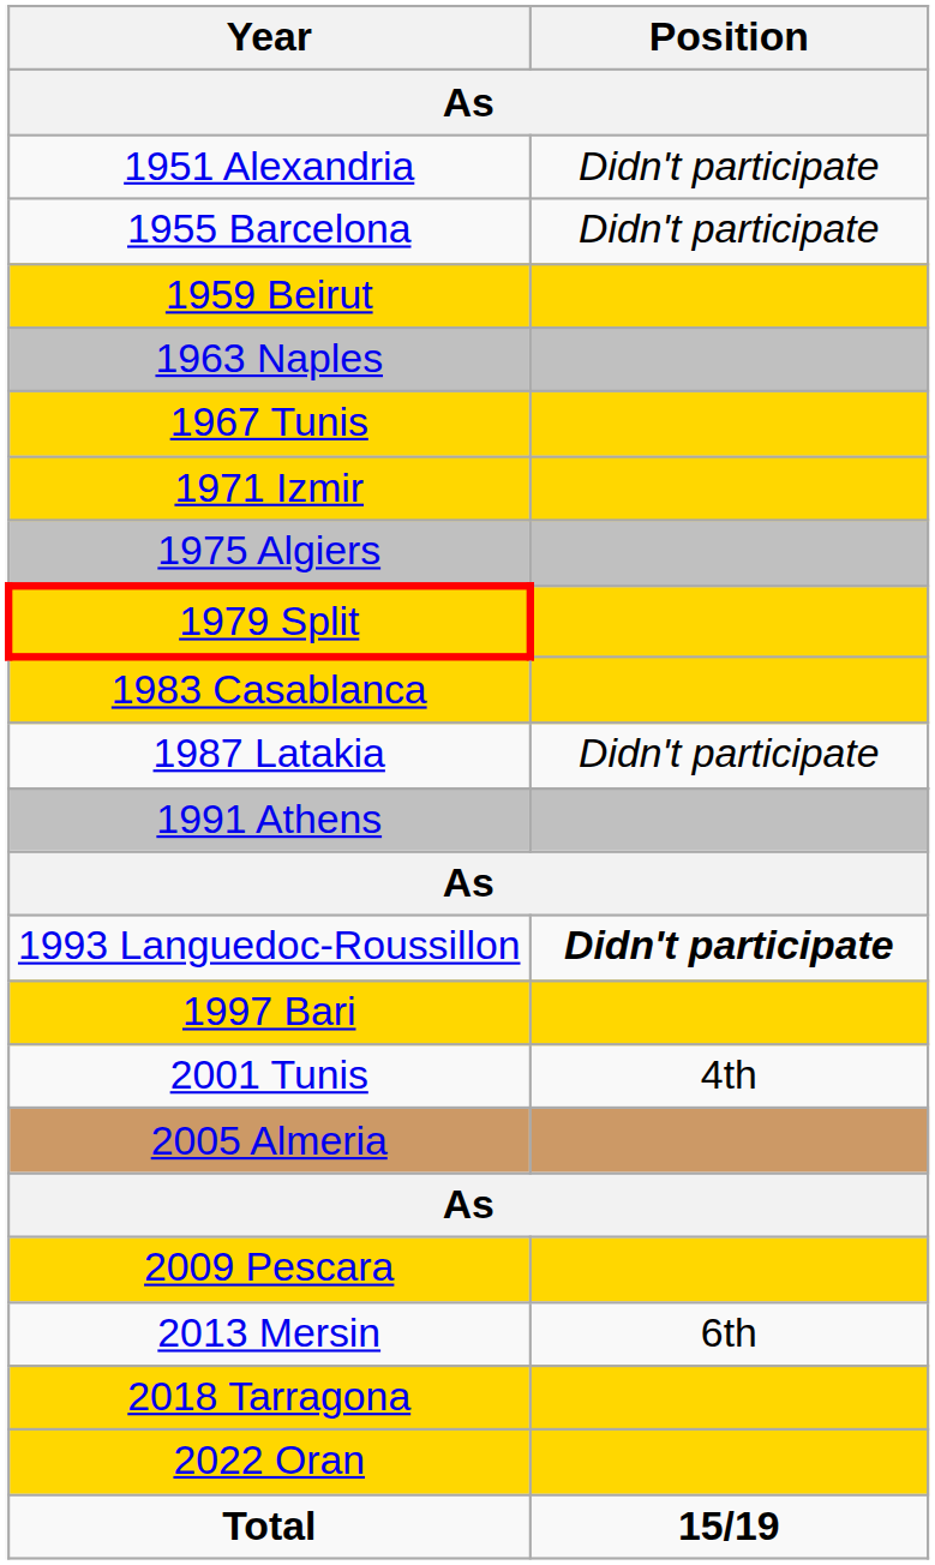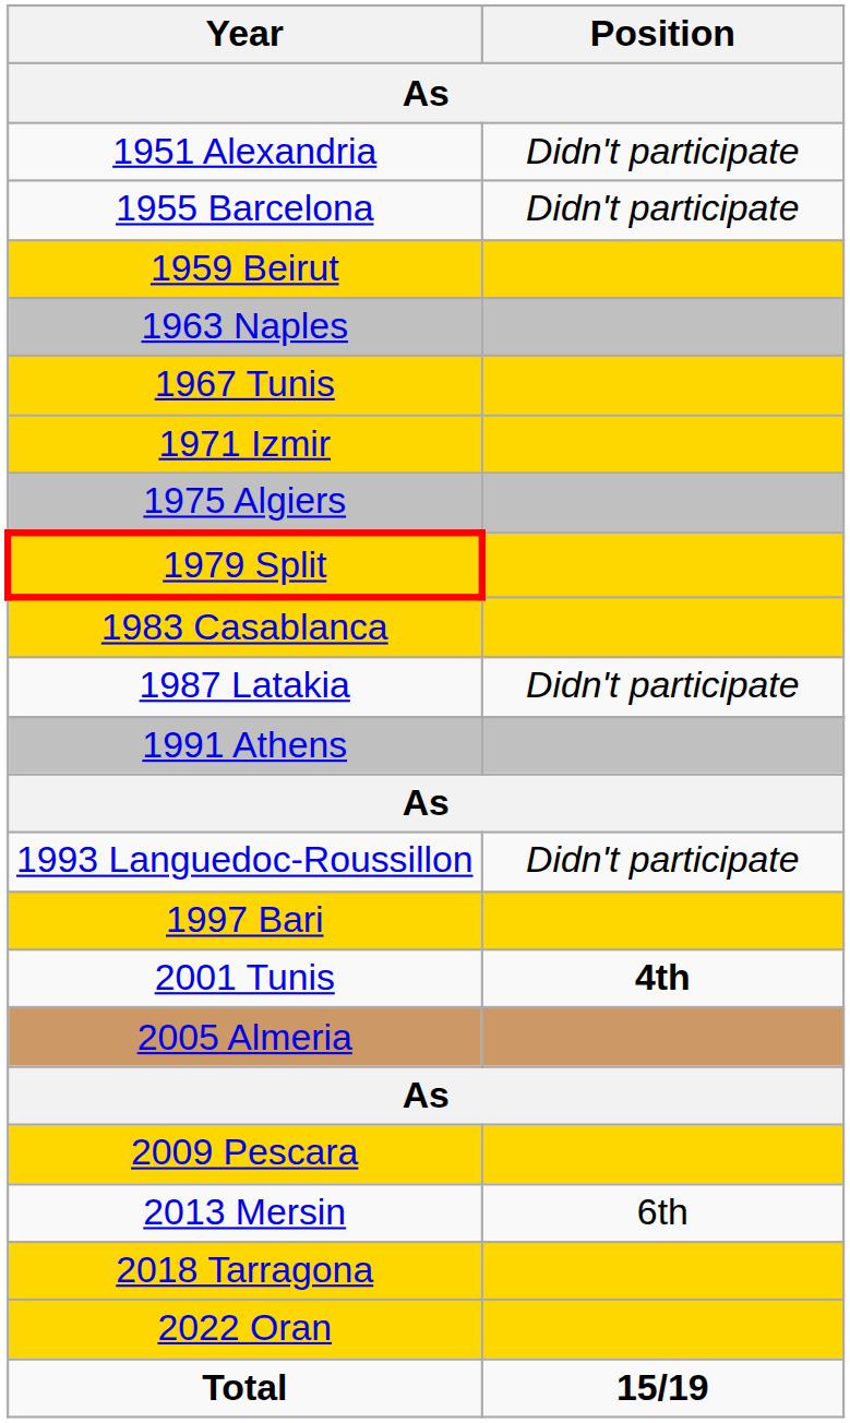 <table class="wikitable" style="text-align: center;">
 <tr>
 <th>Year</th>
 <th width="150">Position</th>
 </tr>
 <tr>
 <th colspan=2>As </th>
 </tr>
 <tr>
 <td> <a href='#'>1951 Alexandria</a></td>
 <td><em>Didn't participate</em></td>
 </tr>
 <tr>
 <td> <a href='#'>1955 Barcelona</a></td>
 <td><em>Didn't participate</em></td>
 </tr>
 <tr bgcolor=gold>
 <td> <a href='#'>1959 Beirut</a></td>
 <td></td>
 </tr>
 <tr bgcolor=silver>
 <td> <a href='#'>1963 Naples</a></td>
 <td></td>
 </tr>
 <tr bgcolor=gold>
 <td> <a href='#'>1967 Tunis</a></td>
 <td></td>
 </tr>
 <tr bgcolor=gold>
 <td> <a href='#'>1971 Izmir</a></td>
 <td></td>
 </tr>
 <tr bgcolor=silver>
 <td> <a href='#'>1975 Algiers</a></td>
 <td></td>
 </tr>
 <tr bgcolor=gold>
 <td style="border: 3px solid red"> <a href='#'>1979 Split</a></td>
 <td></td>
 </tr>
 <tr bgcolor=gold>
 <td> <a href='#'>1983 Casablanca</a></td>
 <td></td>
 </tr>
 <tr>
 <td> <a href='#'>1987 Latakia</a></td>
 <td><em>Didn't participate</em></td>
 </tr>
 <tr>
 </tr>
 <tr bgcolor=silver>
 <td> <a href='#'>1991 Athens</a></td>
 <td></td>
 </tr>
 <tr>
 <th colspan=2>As <strong></strong></th>
 </tr>
 <tr>
 <td> <a href='#'>1993 Languedoc-Roussillon</a></td>
-<td><strong><em>Didn't participate</em></strong></td>
+<td><em>Didn't participate</em></td>
 </tr>
 <tr bgcolor=gold>
 <td> <a href='#'>1997 Bari</a></td>
 <td></td>
 </tr>
 <tr>
 <td> <a href='#'>2001 Tunis</a></td>
-<td>4th</td>
+<td><strong>4th</strong></td>
 </tr>
 <tr bgcolor=cc9966>
 <td> <a href='#'>2005 Almeria</a></td>
 <td></td>
 </tr>
 <tr>
 <th colspan=2>As </th>
 </tr>
 <tr bgcolor=gold>
 <td> <a href='#'>2009 Pescara</a></td>
 <td></td>
 </tr>
 <tr>
 <td> <a href='#'>2013 Mersin</a></td>
 <td>6th</td>
 </tr>
 <tr bgcolor=gold>
 <td> <a href='#'>2018 Tarragona</a></td>
 <td></td>
 </tr>
 <tr bgcolor=gold>
 <td> <a href='#'>2022 Oran</a></td>
 <td></td>
 </tr>
 <tr>
 <td><strong>Total</strong></td>
 <td><strong>15/19</strong></td>
 </tr>
 </table>
